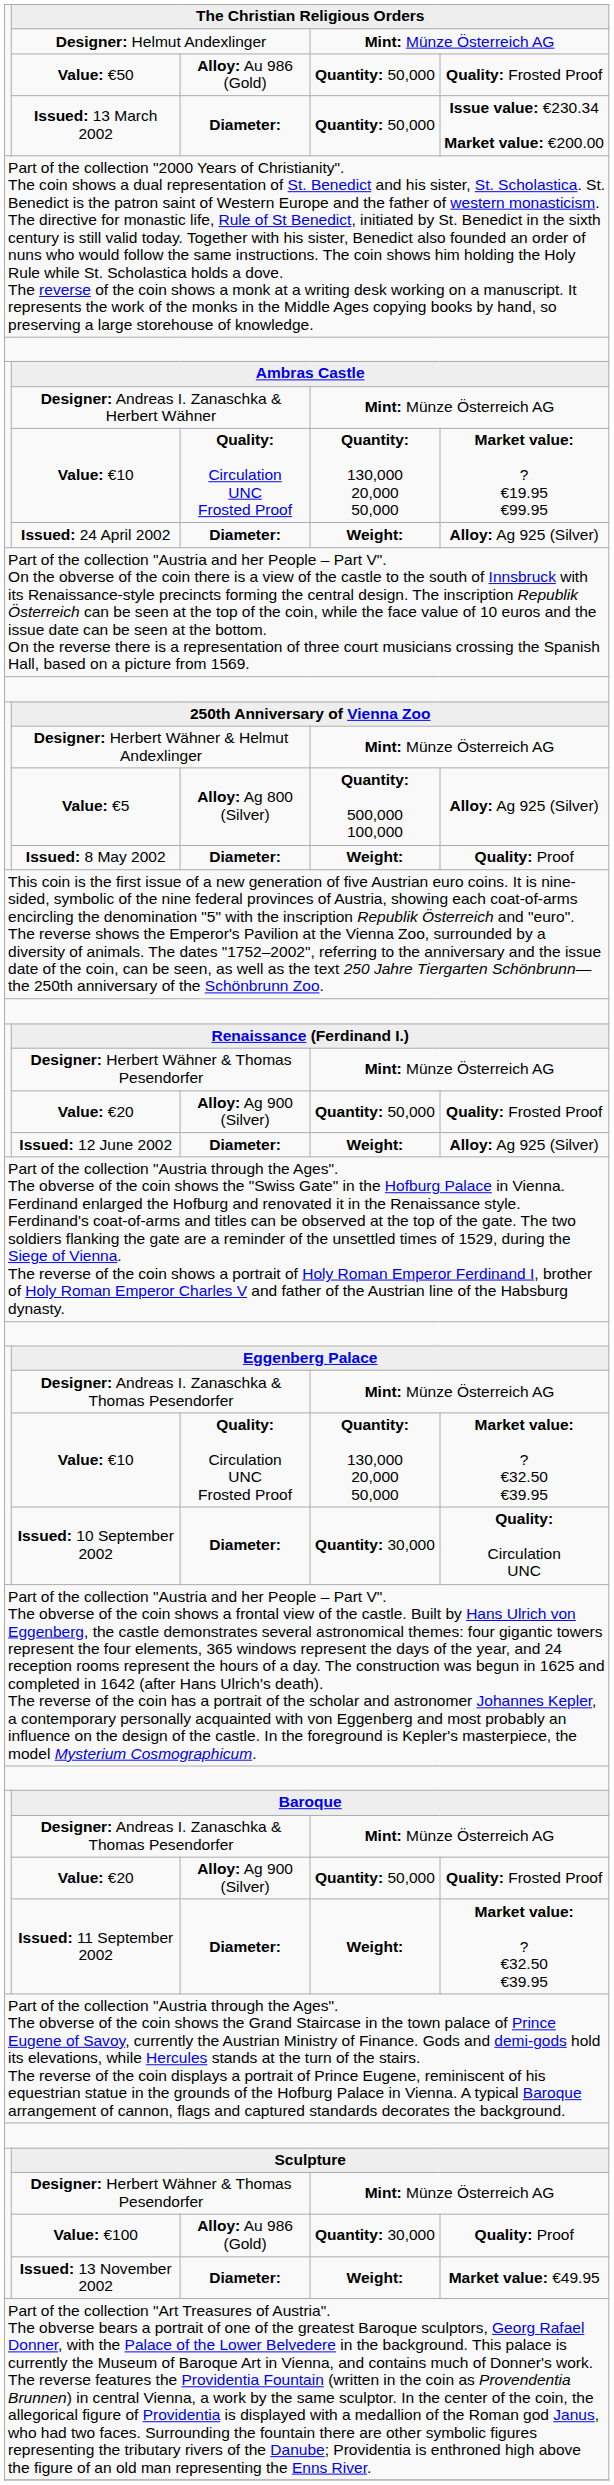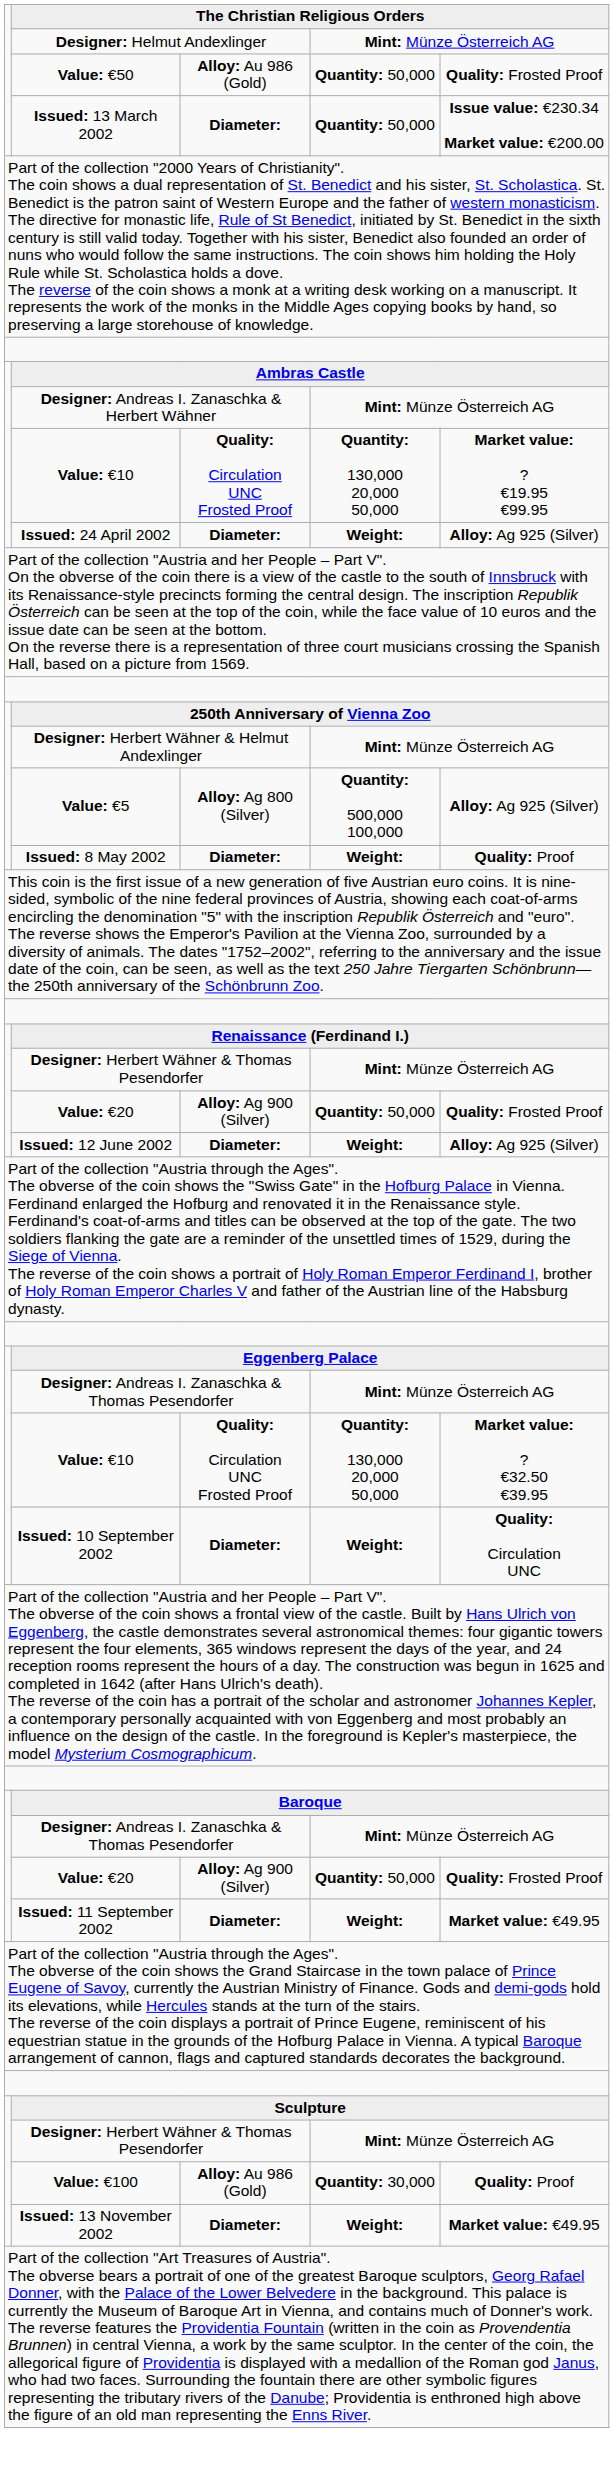 <table class="wikitable" width="100%">
 <tr>
 <td rowspan=4 width="330px" nowrap align=center></td>
 <th colspan="4" align=center style="background:#eeeeee;">The Christian Religious Orders</th>
 </tr>
 <tr>
 <td colspan="2" width="50%" align=center><strong>Designer:</strong> Helmut Andexlinger</td>
 <td colspan="2" width="50%" align=center><strong>Mint:</strong> <a href='#'>Münze Österreich AG</a></td>
 </tr>
 <tr>
 <td align=center><strong>Value:</strong> €50</td>
 <td align=center><strong>Alloy:</strong> Au 986 (Gold)</td>
 <td align=center><strong>Quantity:</strong> 50,000</td>
 <td align=center><strong>Quality:</strong> Frosted Proof</td>
 </tr>
 <tr>
 <td align=center><strong>Issued:</strong> 13 March 2002</td>
 <td align=center><strong>Diameter:</strong> </td>
 <td align=center><strong>Quantity:</strong> 50,000</td>
 <td align=center><strong>Issue value:</strong> €230.34<br><br><strong>Market value:</strong> €200.00</td>
 </tr>
 <tr>
 <td colspan="5" align=left>Part of the collection "2000 Years of Christianity".<br>The coin shows a dual representation of <a href='#'>St. Benedict</a> and his sister, <a href='#'>St. Scholastica</a>. St. Benedict is the patron saint of Western Europe and the father of <a href='#'>western monasticism</a>. The directive for monastic life, <a href='#'>Rule of St Benedict</a>, initiated by St. Benedict in the sixth century is still valid today. Together with his sister, Benedict also founded an order of nuns who would follow the same instructions. The coin shows him holding the Holy Rule while St. Scholastica holds a dove.<br>The <a href='#'>reverse</a> of the coin shows a monk at a writing desk working on a manuscript. It represents the work of the monks in the Middle Ages copying books by hand, so preserving a large storehouse of knowledge.</td>
 </tr>
 <tr>
 <td colspan="5"> </td>
 </tr>
 <tr>
 <td rowspan=4 width="330px" nowrap align=center></td>
 <th colspan="4" align=center style="background:#eeeeee;"><a href='#'>Ambras Castle</a></th>
 </tr>
 <tr>
 <td colspan="2" width="50%" align=center><strong>Designer:</strong> Andreas I. Zanaschka & Herbert Wähner</td>
 <td colspan="2" width="50%" align=center><strong>Mint:</strong> Münze Österreich AG</td>
 </tr>
 <tr>
 <td align=center><strong>Value:</strong> €10</td>
 <td align=center><strong>Quality:</strong><br><br><a href='#'>Circulation</a><br> <a href='#'>UNC</a><br> <a href='#'>Frosted Proof</a></td>
 <td align=center><strong>Quantity:</strong><br><br>130,000<br> 20,000<br> 50,000</td>
 <td align=center><strong>Market value:</strong><br><br>?<br> €19.95<br> €99.95</td>
 </tr>
 <tr>
 <td align=center><strong>Issued:</strong> 24 April 2002</td>
 <td align=center><strong>Diameter:</strong> </td>
 <td align=center><strong>Weight:</strong> </td>
 <td align=center><strong>Alloy:</strong> Ag 925 (Silver)</td>
 </tr>
 <tr>
 <td colspan="5" align=left>Part of the collection "Austria and her People – Part V".<br>On the obverse of the coin there is a view of the castle to the south of <a href='#'>Innsbruck</a> with its Renaissance-style precincts forming the central design. The inscription <em>Republik Österreich</em> can be seen at the top of the coin, while the face value of 10 euros and the issue date can be seen at the bottom.<br>On the reverse there is a representation of three court musicians crossing the Spanish Hall, based on a picture from 1569.</td>
 </tr>
 <tr>
 <td colspan="5"> </td>
 </tr>
 <tr>
 <td rowspan=4 width="330px" nowrap align=center></td>
 <th colspan="4" align=center style="background:#eeeeee;">250th Anniversary of <a href='#'>Vienna Zoo</a></th>
 </tr>
 <tr>
 <td colspan="2" width="50%" align=center><strong>Designer:</strong> Herbert Wähner & Helmut Andexlinger</td>
 <td colspan="2" width="50%" align=center><strong>Mint:</strong> Münze Österreich AG</td>
 </tr>
 <tr>
 <td align=center><strong>Value:</strong> €5</td>
 <td align=center><strong>Alloy:</strong> Ag 800 (Silver)</td>
 <td align=center><strong>Quantity:</strong><br><br>500,000<br> 100,000</td>
 <td align=center><strong>Alloy:</strong> Ag 925 (Silver)</td>
 </tr>
 <tr>
 <td align=center><strong>Issued:</strong> 8 May 2002</td>
 <td align=center><strong>Diameter:</strong> </td>
 <td align=center><strong>Weight:</strong> </td>
 <td align=center><strong>Quality:</strong> Proof</td>
 </tr>
 <tr>
 <td colspan="5" align=left>This coin is the first issue of a new generation of five Austrian euro coins. It is nine-sided, symbolic of the nine federal provinces of Austria, showing each coat-of-arms encircling the denomination "5" with the inscription <em>Republik Österreich</em> and "euro".<br>The reverse shows the Emperor's Pavilion at the Vienna Zoo, surrounded by a diversity of animals. The dates "1752–2002", referring to the anniversary and the issue date of the coin, can be seen, as well as the text <em>250 Jahre Tiergarten Schönbrunn</em>—the 250th anniversary of the <a href='#'>Schönbrunn Zoo</a>.</td>
 </tr>
 <tr>
 <td colspan="5"> </td>
 </tr>
 <tr>
 <td rowspan=4 width="330px" nowrap align=center></td>
 <th colspan="4" align=center style="background:#eeeeee;"><a href='#'>Renaissance</a> (Ferdinand I.)</th>
 </tr>
 <tr>
 <td colspan="2" width="50%" align=center><strong>Designer:</strong> Herbert Wähner & Thomas Pesendorfer</td>
 <td colspan="2" width="50%" align=center><strong>Mint:</strong> Münze Österreich AG</td>
 </tr>
 <tr>
 <td align=center><strong>Value:</strong> €20</td>
 <td align=center><strong>Alloy:</strong> Ag 900 (Silver)</td>
 <td align=center><strong>Quantity:</strong> 50,000</td>
 <td align=center><strong>Quality:</strong> Frosted Proof</td>
 </tr>
 <tr>
 <td align=center><strong>Issued:</strong> 12 June 2002</td>
 <td align=center><strong>Diameter:</strong> </td>
 <td align=center><strong>Weight:</strong> </td>
 <td align=center><strong>Alloy:</strong> Ag 925 (Silver)</td>
 </tr>
 <tr>
 <td colspan="5" align=left>Part of the collection "Austria through the Ages".<br>The obverse of the coin shows the "Swiss Gate" in the <a href='#'>Hofburg Palace</a> in Vienna. Ferdinand enlarged the Hofburg and renovated it in the Renaissance style. Ferdinand's coat-of-arms and titles can be observed at the top of the gate. The two soldiers flanking the gate are a reminder of the unsettled times of 1529, during the <a href='#'>Siege of Vienna</a>.<br>The reverse of the coin shows a portrait of <a href='#'>Holy Roman Emperor Ferdinand I</a>, brother of <a href='#'>Holy Roman Emperor Charles V</a> and father of the Austrian line of the Habsburg dynasty.</td>
 </tr>
 <tr>
 <td colspan="5"> </td>
 </tr>
 <tr>
 <td rowspan=4 width="330px" nowrap align=center></td>
 <th colspan="4" align=center style="background:#eeeeee;"><a href='#'>Eggenberg Palace</a></th>
 </tr>
 <tr>
 <td colspan="2" width="50%" align=center><strong>Designer:</strong> Andreas I. Zanaschka & Thomas Pesendorfer</td>
 <td colspan="2" width="50%" align=center><strong>Mint:</strong> Münze Österreich AG</td>
 </tr>
 <tr>
 <td align=center><strong>Value:</strong> €10</td>
 <td align=center><strong>Quality:</strong><br><br>Circulation<br> UNC<br> Frosted Proof</td>
 <td align=center><strong>Quantity:</strong><br><br>130,000<br> 20,000<br> 50,000</td>
 <td align=center><strong>Market value:</strong><br><br>?<br> €32.50<br> €39.95</td>
 </tr>
 <tr>
 <td align=center><strong>Issued:</strong> 10 September 2002</td>
 <td align=center><strong>Diameter:</strong> </td>
-<td align=center><strong>Quantity:</strong> 30,000</td>
+<td align=center><strong>Weight:</strong> </td>
 <td align=center><strong>Quality:</strong><br><br>Circulation<br> UNC</td>
 </tr>
 <tr>
 <td colspan="5" align=left>Part of the collection "Austria and her People – Part V".<br>The obverse of the coin shows a frontal view of the castle. Built by <a href='#'>Hans Ulrich von Eggenberg</a>, the castle demonstrates several astronomical themes: four gigantic towers represent the four elements, 365 windows represent the days of the year, and 24 reception rooms represent the hours of a day. The construction was begun in 1625 and completed in 1642 (after Hans Ulrich's death).<br>The reverse of the coin has a portrait of the scholar and astronomer <a href='#'>Johannes Kepler</a>, a contemporary personally acquainted with von Eggenberg and most probably an influence on the design of the castle. In the foreground is Kepler's masterpiece, the model <em><a href='#'>Mysterium Cosmographicum</a></em>.</td>
 </tr>
 <tr>
 <td colspan="5"> </td>
 </tr>
 <tr>
 <td rowspan=4 width="330px" nowrap align=center></td>
 <th colspan="4" align=center style="background:#eeeeee;"><a href='#'>Baroque</a></th>
 </tr>
 <tr>
 <td colspan="2" width="50%" align=center><strong>Designer:</strong> Andreas I. Zanaschka & Thomas Pesendorfer</td>
 <td colspan="2" width="50%" align=center><strong>Mint:</strong> Münze Österreich AG</td>
 </tr>
 <tr>
 <td align=center><strong>Value:</strong> €20</td>
 <td align=center><strong>Alloy:</strong> Ag 900 (Silver)</td>
 <td align=center><strong>Quantity:</strong> 50,000</td>
 <td align=center><strong>Quality:</strong> Frosted Proof</td>
 </tr>
 <tr>
 <td align=center><strong>Issued:</strong> 11 September 2002</td>
 <td align=center><strong>Diameter:</strong> </td>
 <td align=center><strong>Weight:</strong> </td>
-<td align=center><strong>Market value:</strong><br><br>?<br> €32.50<br> €39.95</td>
+<td align=center><strong>Market value:</strong> €49.95</td>
 </tr>
 <tr>
 <td colspan="5" align=left>Part of the collection "Austria through the Ages".<br>The obverse of the coin shows the Grand Staircase in the town palace of <a href='#'>Prince Eugene of Savoy</a>, currently the Austrian Ministry of Finance. Gods and <a href='#'>demi-gods</a> hold its elevations, while <a href='#'>Hercules</a> stands at the turn of the stairs.<br>The reverse of the coin displays a portrait of Prince Eugene, reminiscent of his equestrian statue in the grounds of the Hofburg Palace in Vienna. A typical <a href='#'>Baroque</a> arrangement of cannon, flags and captured standards decorates the background.</td>
 </tr>
 <tr>
 <td colspan="5"> </td>
 </tr>
 <tr>
 <td rowspan=4 width="330px" nowrap align=center></td>
 <th colspan="4" align=center style="background:#eeeeee;">Sculpture</th>
 </tr>
 <tr>
 <td colspan="2" width="50%" align=center><strong>Designer:</strong> Herbert Wähner & Thomas Pesendorfer</td>
 <td colspan="2" width="50%" align=center><strong>Mint:</strong> Münze Österreich AG</td>
 </tr>
 <tr>
 <td align=center><strong>Value:</strong> €100</td>
 <td align=center><strong>Alloy:</strong> Au 986 (Gold)</td>
 <td align=center><strong>Quantity:</strong> 30,000</td>
 <td align=center><strong>Quality:</strong> Proof</td>
 </tr>
 <tr>
 <td align=center><strong>Issued:</strong> 13 November 2002</td>
 <td align=center><strong>Diameter:</strong> </td>
 <td align=center><strong>Weight:</strong> </td>
 <td align=center><strong>Market value:</strong> €49.95</td>
 </tr>
 <tr>
 <td colspan="5" align=left>Part of the collection "Art Treasures of Austria".<br>The obverse bears a portrait of one of the greatest Baroque sculptors, <a href='#'>Georg Rafael Donner</a>, with the <a href='#'>Palace of the Lower Belvedere</a> in the background. This palace is currently the Museum of Baroque Art in Vienna, and contains much of Donner's work.<br>The reverse features the <a href='#'>Providentia Fountain</a> (written in the coin as <em>Provendentia Brunnen</em>) in central Vienna, a work by the same sculptor. In the center of the coin, the allegorical figure of <a href='#'>Providentia</a> is displayed with a medallion of the Roman god <a href='#'>Janus</a>, who had two faces. Surrounding the fountain there are other symbolic figures representing the tributary rivers of the <a href='#'>Danube</a>; Providentia is enthroned high above the figure of an old man representing the <a href='#'>Enns River</a>.</td>
 </tr>
 <tr>
 </tr>
 </table>
